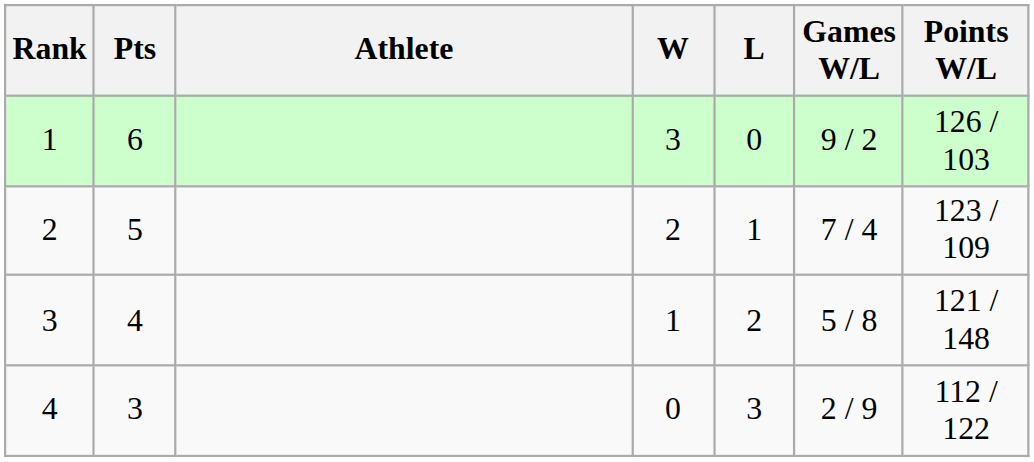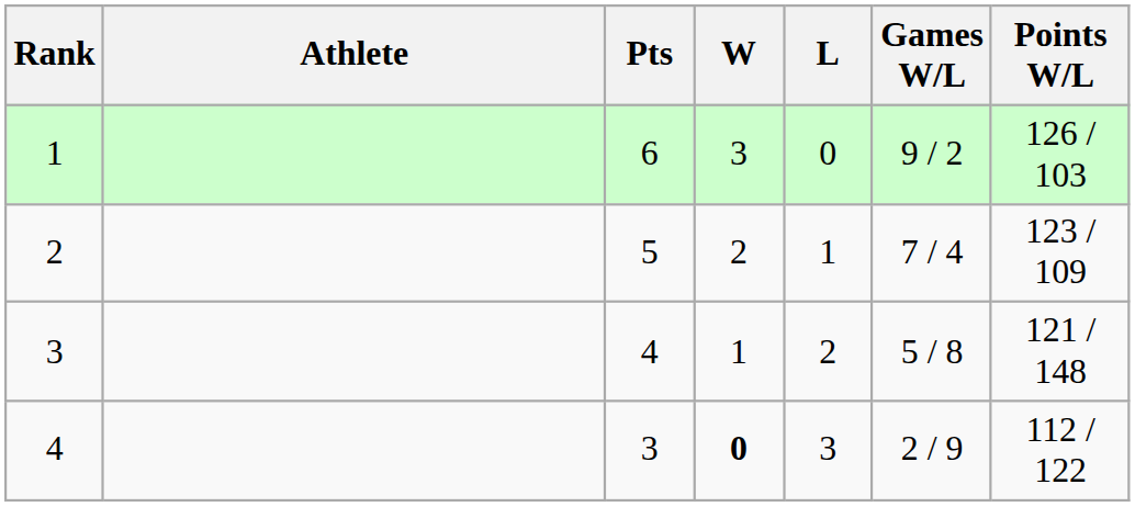 <table class="wikitable" style="text-align: center; font-size:90% ">
 <tr>
 <th width="20">Rank</th>
+<th width="200">Athlete</th>
 <th width="30">Pts</th>
-<th width="200">Athlete</th>
 <th width="30">W</th>
 <th width="30">L</th>
 <th width="40">Games<br>W/L</th>
 <th width="50">Points<br>W/L</th>
 </tr>
 <tr bgcolor=#ccffcc>
 <td>1</td>
+<td align=left></td>
 <td>6</td>
-<td align=left></td>
 <td>3</td>
 <td>0</td>
 <td>9 / 2</td>
 <td>126 / 103</td>
 </tr>
 <tr>
 <td>2</td>
+<td align=left></td>
 <td>5</td>
-<td align=left></td>
 <td>2</td>
 <td>1</td>
 <td>7 / 4</td>
 <td>123 / 109</td>
 </tr>
 <tr>
 <td>3</td>
+<td align=left></td>
 <td>4</td>
-<td align=left></td>
 <td>1</td>
 <td>2</td>
 <td>5 / 8</td>
 <td>121 / 148</td>
 </tr>
 <tr>
 <td>4</td>
+<td align=left></td>
 <td>3</td>
-<td align=left></td>
-<td>0</td>
+<td><strong>0</strong></td>
 <td>3</td>
 <td>2 / 9</td>
 <td>112 / 122</td>
 </tr>
 </table>
